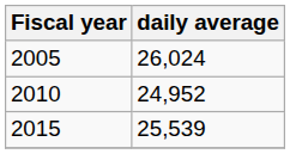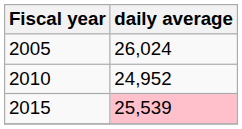 <table class="wikitable">
 <tr>
 <th>Fiscal year</th>
 <th>daily average</th>
 </tr>
 <tr>
 <td>2005</td>
 <td>26,024</td>
 </tr>
 <tr>
 <td>2010</td>
 <td>24,952</td>
 </tr>
 <tr>
 <td>2015</td>
-<td>25,539</td>
+<td style="background: pink;">25,539</td>
 </tr>
 <tr>
 </tr>
 </table>
